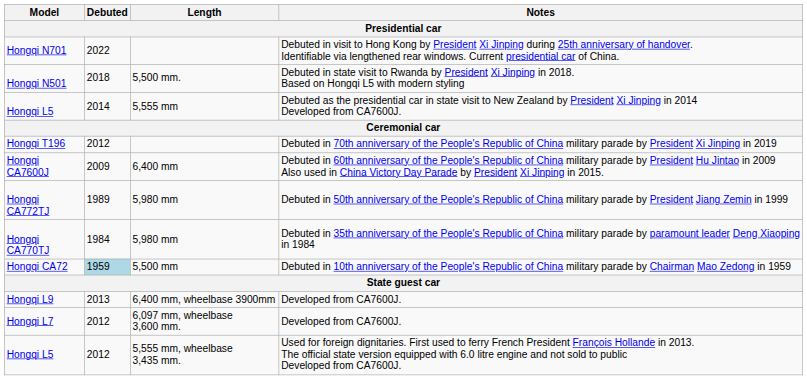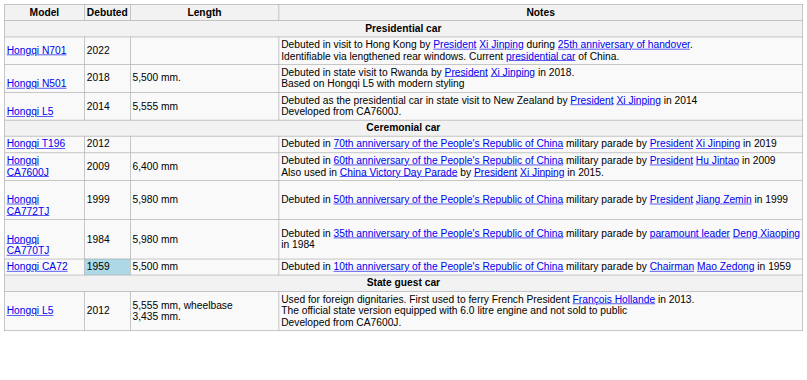 <table class="wikitable" border="1">
 <tr>
 <th>Model</th>
 <th>Debuted</th>
 <th>Length</th>
 <th>Notes</th>
 </tr>
 <tr>
 <th colspan="4">Presidential car</th>
 </tr>
 <tr>
 <td><a href='#'>Hongqi N701</a></td>
 <td>2022</td>
 <td></td>
 <td>Debuted in visit to Hong Kong by <a href='#'>President</a> <a href='#'>Xi Jinping</a> during <a href='#'>25th anniversary of handover</a>.<br>Identifiable via lengthened rear windows. Current <a href='#'>presidential car</a> of China.</td>
 </tr>
 <tr>
 <td><br><a href='#'>Hongqi N501</a></td>
 <td>2018</td>
 <td>5,500 mm.</td>
 <td>Debuted in state visit to Rwanda by <a href='#'>President</a> <a href='#'>Xi Jinping</a> in 2018.<br>Based on Hongqi L5 with modern styling</td>
 </tr>
 <tr>
 <td><br><a href='#'>Hongqi L5</a></td>
 <td>2014</td>
 <td>5,555 mm</td>
 <td>Debuted as the presidential car in state visit to New Zealand by <a href='#'>President</a> <a href='#'>Xi Jinping</a> in 2014<br>Developed from CA7600J.</td>
 </tr>
 <tr>
 <th colspan="4">Ceremonial car</th>
 </tr>
 <tr>
 <td><a href='#'>Hongqi T196</a></td>
 <td>2012</td>
 <td></td>
 <td>Debuted in <a href='#'>70th anniversary of the People's Republic of China</a> military parade by <a href='#'>President</a> <a href='#'>Xi Jinping</a> in 2019</td>
 </tr>
 <tr>
 <td><a href='#'>Hongqi CA7600J</a></td>
 <td>2009</td>
 <td>6,400 mm</td>
 <td>Debuted in <a href='#'>60th anniversary of the People's Republic of China</a> military parade by <a href='#'>President</a> <a href='#'>Hu Jintao</a> in 2009<br>Also used in <a href='#'>China Victory Day Parade</a> by <a href='#'>President</a> <a href='#'>Xi Jinping</a> in 2015. </td>
 </tr>
 <tr>
 <td><br><a href='#'>Hongqi CA772TJ</a></td>
-<td>1989</td>
+<td>1999</td>
 <td>5,980 mm</td>
 <td>Debuted in <a href='#'>50th anniversary of the People's Republic of China</a> military parade by <a href='#'>President</a> <a href='#'>Jiang Zemin</a> in 1999</td>
 </tr>
 <tr>
 <td><br><a href='#'>Hongqi CA770TJ</a></td>
 <td>1984</td>
 <td>5,980 mm</td>
 <td>Debuted in <a href='#'>35th anniversary of the People's Republic of China</a> military parade by <a href='#'>paramount leader</a> <a href='#'>Deng Xiaoping</a> in 1984</td>
 </tr>
 <tr>
 <td><a href='#'>Hongqi CA72</a></td>
 <td style="background: lightblue;">1959</td>
 <td>5,500 mm</td>
 <td>Debuted in <a href='#'>10th anniversary of the People's Republic of China</a> military parade by <a href='#'>Chairman</a> <a href='#'>Mao Zedong</a> in 1959</td>
 </tr>
 <tr>
 <th colspan="4">State guest car</th>
 </tr>
 <tr>
-<td><a href='#'>Hongqi L9</a></td>
-<td>2013</td>
-<td>6,400 mm, wheelbase 3900mm</td>
-<td>Developed from CA7600J.</td>
-</tr>
-<tr>
-<td><a href='#'>Hongqi L7</a></td>
-<td>2012</td>
-<td>6,097 mm, wheelbase 3,600 mm.</td>
-<td>Developed from CA7600J.</td>
-</tr>
-<tr>
 <td><a href='#'>Hongqi L5</a></td>
 <td>2012</td>
 <td>5,555 mm, wheelbase 3,435 mm.</td>
 <td>Used for foreign dignitaries. First used to ferry French President <a href='#'>François Hollande</a> in 2013.<br>The official state version equipped with 6.0 litre engine and not sold to public<br>Developed from CA7600J.</td>
 </tr>
 </table>
